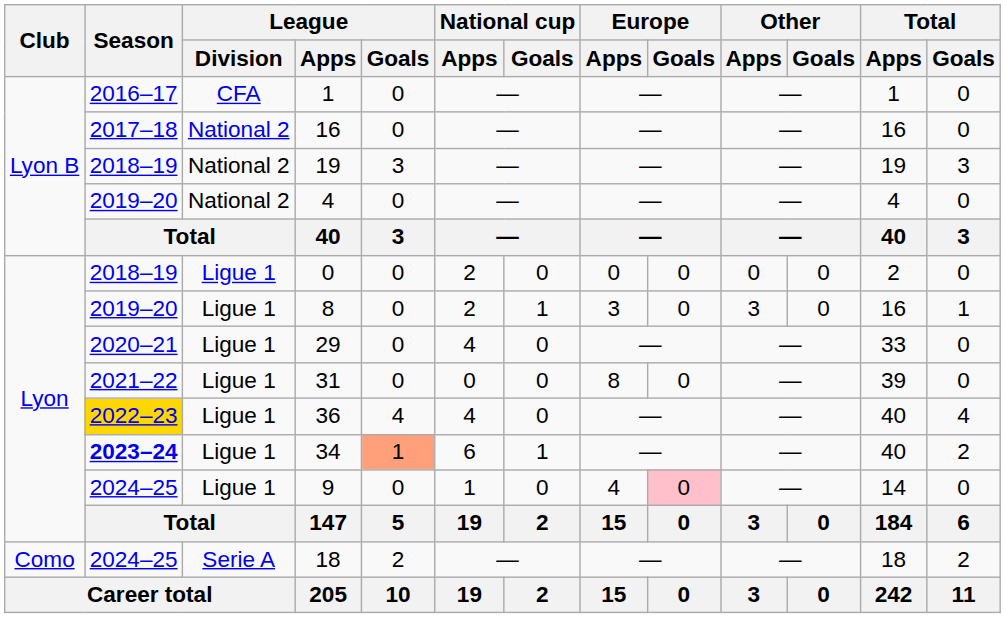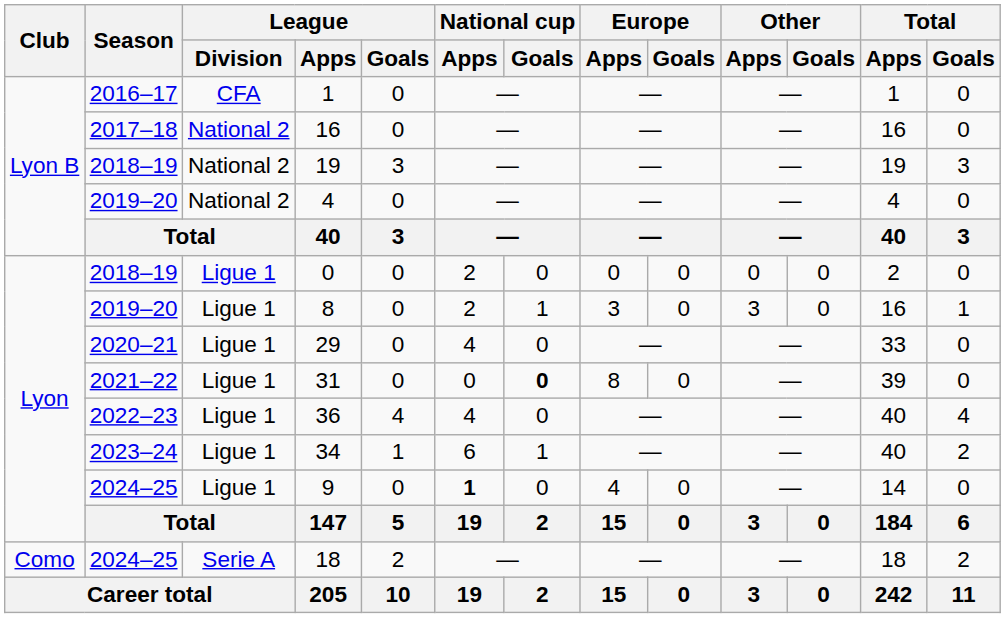 <table class="wikitable" style="text-align:center">
 <tr>
 <th rowspan="2">Club</th>
 <th rowspan="2">Season</th>
 <th colspan="3">League</th>
 <th colspan="2">National cup</th>
 <th colspan="2">Europe</th>
 <th colspan="2">Other</th>
 <th colspan="2">Total</th>
 </tr>
 <tr>
 <th>Division</th>
 <th>Apps</th>
 <th>Goals</th>
 <th>Apps</th>
 <th>Goals</th>
 <th>Apps</th>
 <th>Goals</th>
 <th>Apps</th>
 <th>Goals</th>
 <th>Apps</th>
 <th>Goals</th>
 </tr>
 <tr>
 <td rowspan="5"><a href='#'>Lyon B</a></td>
 <td><a href='#'>2016–17</a></td>
 <td><a href='#'>CFA</a></td>
 <td>1</td>
 <td>0</td>
 <td colspan="2">—</td>
 <td colspan="2">—</td>
 <td colspan="2">—</td>
 <td>1</td>
 <td>0</td>
 </tr>
 <tr>
 <td><a href='#'>2017–18</a></td>
 <td><a href='#'>National 2</a></td>
 <td>16</td>
 <td>0</td>
 <td colspan="2">—</td>
 <td colspan="2">—</td>
 <td colspan="2">—</td>
 <td>16</td>
 <td>0</td>
 </tr>
 <tr>
 <td><a href='#'>2018–19</a></td>
 <td>National 2</td>
 <td>19</td>
 <td>3</td>
 <td colspan="2">—</td>
 <td colspan="2">—</td>
 <td colspan="2">—</td>
 <td>19</td>
 <td>3</td>
 </tr>
 <tr>
 <td><a href='#'>2019–20</a></td>
 <td>National 2</td>
 <td>4</td>
 <td>0</td>
 <td colspan="2">—</td>
 <td colspan="2">—</td>
 <td colspan="2">—</td>
 <td>4</td>
 <td>0</td>
 </tr>
 <tr>
 <th colspan="2">Total</th>
 <th>40</th>
 <th>3</th>
 <th colspan="2">—</th>
 <th colspan="2">—</th>
 <th colspan="2">—</th>
 <th>40</th>
 <th>3</th>
 </tr>
 <tr>
 <td rowspan="8"><a href='#'>Lyon</a></td>
 <td><a href='#'>2018–19</a></td>
 <td><a href='#'>Ligue 1</a></td>
 <td>0</td>
 <td>0</td>
 <td>2</td>
 <td>0</td>
 <td>0</td>
 <td>0</td>
 <td>0</td>
 <td>0</td>
 <td>2</td>
 <td>0</td>
 </tr>
 <tr>
 <td><a href='#'>2019–20</a></td>
 <td>Ligue 1</td>
 <td>8</td>
 <td>0</td>
 <td>2</td>
 <td>1</td>
 <td>3</td>
 <td>0</td>
 <td>3</td>
 <td>0</td>
 <td>16</td>
 <td>1</td>
 </tr>
 <tr>
 <td><a href='#'>2020–21</a></td>
 <td>Ligue 1</td>
 <td>29</td>
 <td>0</td>
 <td>4</td>
 <td>0</td>
 <td colspan="2">—</td>
 <td colspan="2">—</td>
 <td>33</td>
 <td>0</td>
 </tr>
 <tr>
 <td><a href='#'>2021–22</a></td>
 <td>Ligue 1</td>
 <td>31</td>
 <td>0</td>
 <td>0</td>
-<td>0</td>
+<td><strong>0</strong></td>
 <td>8</td>
 <td>0</td>
 <td colspan="2">—</td>
 <td>39</td>
 <td>0</td>
 </tr>
 <tr>
-<td style="background: gold;"><a href='#'>2022–23</a></td>
+<td><a href='#'>2022–23</a></td>
 <td>Ligue 1</td>
 <td>36</td>
 <td>4</td>
 <td>4</td>
 <td>0</td>
 <td colspan="2">—</td>
 <td colspan="2">—</td>
 <td>40</td>
 <td>4</td>
 </tr>
 <tr>
-<td><strong><a href='#'>2023–24</a></strong></td>
+<td><a href='#'>2023–24</a></td>
 <td>Ligue 1</td>
 <td>34</td>
-<td style="background: lightsalmon;">1</td>
+<td>1</td>
 <td>6</td>
 <td>1</td>
 <td colspan="2">—</td>
 <td colspan="2">—</td>
 <td>40</td>
 <td>2</td>
 </tr>
 <tr>
 <td><a href='#'>2024–25</a></td>
 <td>Ligue 1</td>
 <td>9</td>
 <td>0</td>
-<td>1</td>
+<td><strong>1</strong></td>
 <td>0</td>
 <td>4</td>
-<td style="background: pink;">0</td>
+<td>0</td>
 <td colspan="2">—</td>
 <td>14</td>
 <td>0</td>
 </tr>
 <tr>
 <th colspan="2">Total</th>
 <th>147</th>
 <th>5</th>
 <th>19</th>
 <th>2</th>
 <th>15</th>
 <th>0</th>
 <th>3</th>
 <th>0</th>
 <th>184</th>
 <th>6</th>
 </tr>
 <tr>
 <td><a href='#'>Como</a></td>
 <td><a href='#'>2024–25</a></td>
 <td><a href='#'>Serie A</a></td>
 <td>18</td>
 <td>2</td>
 <td colspan="2">—</td>
 <td colspan="2">—</td>
 <td colspan="2">—</td>
 <td>18</td>
 <td>2</td>
 </tr>
 <tr>
 <th colspan="3">Career total</th>
 <th>205</th>
 <th>10</th>
 <th>19</th>
 <th>2</th>
 <th>15</th>
 <th>0</th>
 <th>3</th>
 <th>0</th>
 <th>242</th>
 <th>11</th>
 </tr>
 </table>
